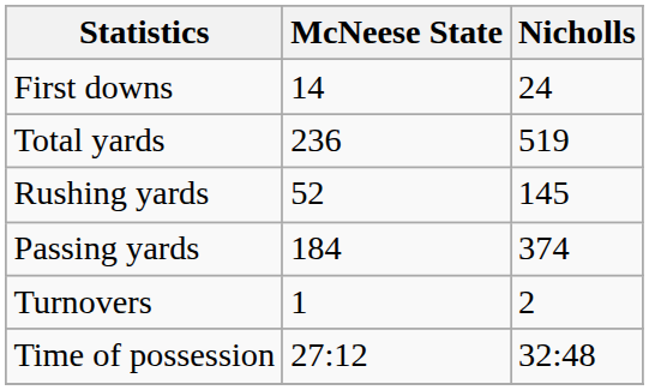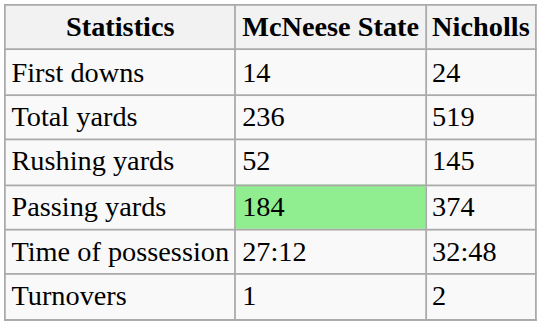 <table class="wikitable">
 <tr>
 <th>Statistics</th>
 <th>McNeese State</th>
 <th>Nicholls</th>
 </tr>
 <tr>
 <td>First downs</td>
 <td>14</td>
 <td>24</td>
 </tr>
 <tr>
 <td>Total yards</td>
 <td>236</td>
 <td>519</td>
 </tr>
 <tr>
 <td>Rushing yards</td>
 <td>52</td>
 <td>145</td>
 </tr>
 <tr>
 <td>Passing yards</td>
-<td>184</td>
+<td style="background: lightgreen;">184</td>
 <td>374</td>
+</tr>
+<tr>
+<td>Time of possession</td>
+<td>27:12</td>
+<td>32:48</td>
 </tr>
 <tr>
 <td>Turnovers</td>
 <td>1</td>
 <td>2</td>
 </tr>
 <tr>
-<td>Time of possession</td>
-<td>27:12</td>
-<td>32:48</td>
-</tr>
-<tr>
 </tr>
 </table>
